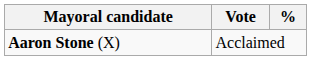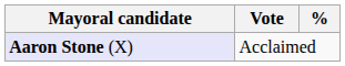 <table class="wikitable">
 <tr>
 <th width="200px">Mayoral candidate</th>
 <th width="50px">Vote</th>
 <th width="30px">%</th>
 </tr>
 <tr>
-<td><strong>Aaron Stone</strong> (X) </td>
+<td style="background: lavender;"><strong>Aaron Stone</strong> (X) </td>
 <td colspan="2">Acclaimed</td>
 </tr>
 </table>
